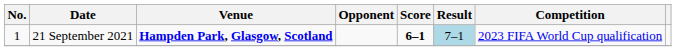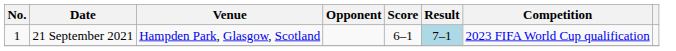 <table class="wikitable sortable">
 <tr>
 <th scope="col">No.</th>
 <th scope="col">Date</th>
 <th scope="col">Venue</th>
 <th scope="col">Opponent</th>
 <th scope="col">Score</th>
 <th scope="col">Result</th>
 <th scope="col">Competition</th>
 <th scope="col" class="unsortable"></th>
 </tr>
 <tr>
 <td style="text-align:center">1</td>
 <td>21 September 2021</td>
-<td><strong><a href='#'>Hampden Park</a>, <a href='#'>Glasgow</a>, <a href='#'>Scotland</a></strong></td>
+<td><a href='#'>Hampden Park</a>, <a href='#'>Glasgow</a>, <a href='#'>Scotland</a></td>
 <td></td>
-<td style="text-align:center"><strong>6–1</strong></td>
+<td style="text-align:center">6–1</td>
 <td style="background: lightblue; text-align:center">7–1</td>
 <td><a href='#'>2023 FIFA World Cup qualification</a></td>
 <td></td>
 </tr>
 <tr>
 </tr>
 </table>
